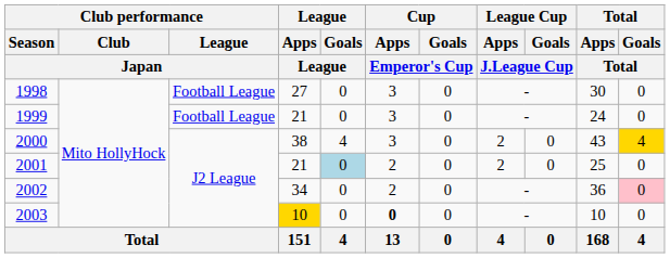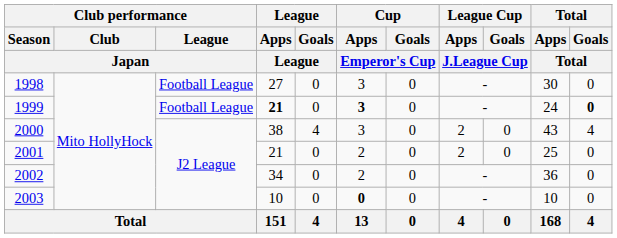 <table class="wikitable" style="text-align:center;">
 <tr>
 <th colspan=3>Club performance</th>
 <th colspan=2>League</th>
 <th colspan=2>Cup</th>
 <th colspan=2>League Cup</th>
 <th colspan=2>Total</th>
 </tr>
 <tr>
 <th>Season</th>
 <th>Club</th>
 <th>League</th>
 <th>Apps</th>
 <th>Goals</th>
 <th>Apps</th>
 <th>Goals</th>
 <th>Apps</th>
 <th>Goals</th>
 <th>Apps</th>
 <th>Goals</th>
 </tr>
 <tr>
 <th colspan=3>Japan</th>
 <th colspan=2>League</th>
 <th colspan=2><a href='#'>Emperor's Cup</a></th>
 <th colspan=2><a href='#'>J.League Cup</a></th>
 <th colspan=2>Total</th>
 </tr>
 <tr>
 <td><a href='#'>1998</a></td>
 <td rowspan=6><a href='#'>Mito HollyHock</a></td>
 <td><a href='#'>Football League</a></td>
 <td>27</td>
 <td>0</td>
 <td>3</td>
 <td>0</td>
 <td colspan=2>-</td>
 <td>30</td>
 <td>0</td>
 </tr>
 <tr>
 <td><a href='#'>1999</a></td>
 <td><a href='#'>Football League</a></td>
-<td>21</td>
+<td><strong>21</strong></td>
 <td>0</td>
-<td>3</td>
+<td><strong>3</strong></td>
 <td>0</td>
 <td colspan=2>-</td>
 <td>24</td>
-<td>0</td>
+<td><strong>0</strong></td>
 </tr>
 <tr>
 <td><a href='#'>2000</a></td>
 <td rowspan=4><a href='#'>J2 League</a></td>
 <td>38</td>
 <td>4</td>
 <td>3</td>
 <td>0</td>
 <td>2</td>
 <td>0</td>
 <td>43</td>
-<td style="background: gold;">4</td>
+<td>4</td>
 </tr>
 <tr>
 <td><a href='#'>2001</a></td>
 <td>21</td>
-<td style="background: lightblue;">0</td>
+<td>0</td>
 <td>2</td>
 <td>0</td>
 <td>2</td>
 <td>0</td>
 <td>25</td>
 <td>0</td>
 </tr>
 <tr>
 <td><a href='#'>2002</a></td>
 <td>34</td>
 <td>0</td>
 <td>2</td>
 <td>0</td>
 <td colspan=2>-</td>
 <td>36</td>
-<td style="background: pink;">0</td>
+<td>0</td>
 </tr>
 <tr>
 <td><a href='#'>2003</a></td>
-<td style="background: gold;">10</td>
+<td>10</td>
 <td>0</td>
 <td><strong>0</strong></td>
 <td>0</td>
 <td colspan=2>-</td>
 <td>10</td>
 <td>0</td>
 </tr>
 <tr>
 <th colspan=3>Total</th>
 <th>151</th>
 <th>4</th>
 <th>13</th>
 <th>0</th>
 <th>4</th>
 <th>0</th>
 <th>168</th>
 <th>4</th>
 </tr>
 </table>
